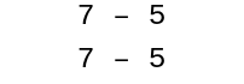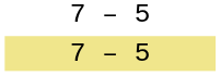 <table style="text-align:center">
 <tr>
 <th width=200></th>
 <th width=100></th>
 <th width=200></th>
 </tr>
 <tr>
 <td align=right><strong></strong></td>
 <td>7 – 5</td>
 <td align=left></td>
 </tr>
 <tr>
 <td align=right><strong></strong></td>
-<td>7 – 5</td>
+<td style="background: khaki;">7 – 5</td>
 <td align=left></td>
 </tr>
 </table>
